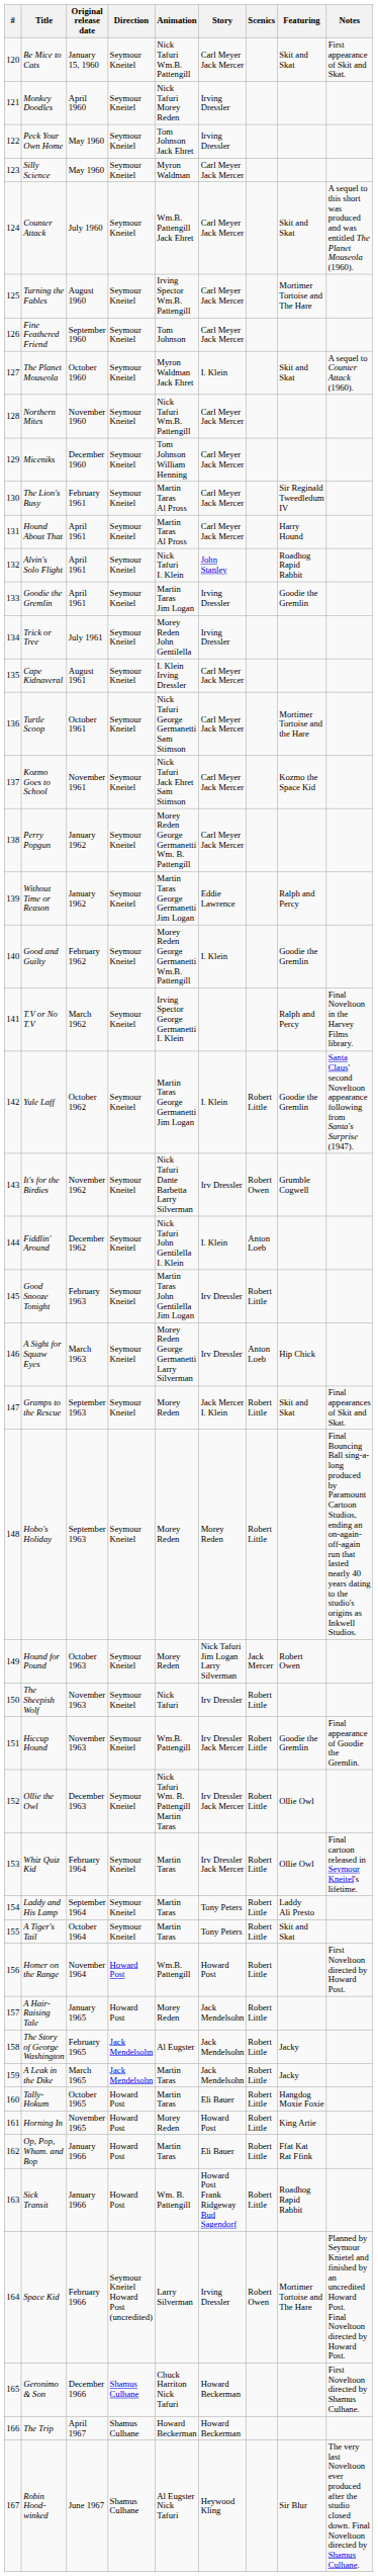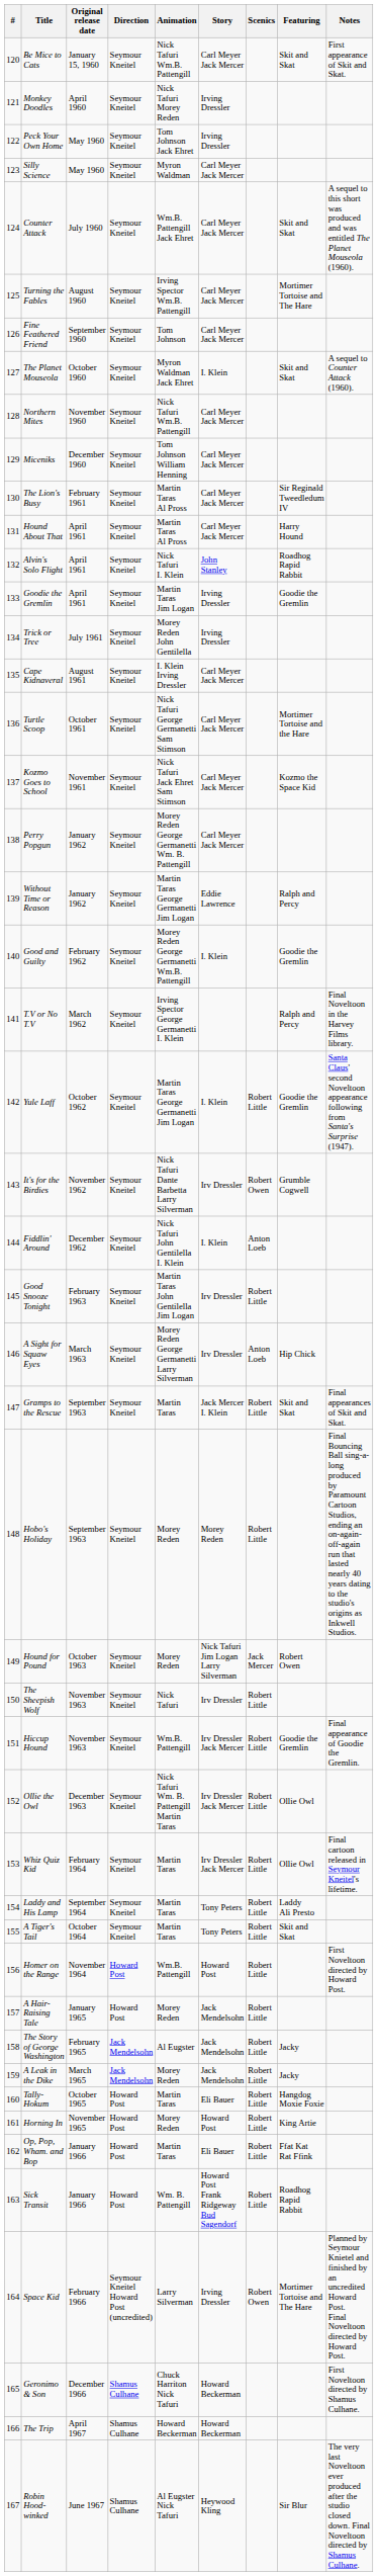 <table class="wikitable sortable">
 <tr>
 <th style="width:3em">#</th>
 <th style="width:15em">Title</th>
 <th style="width:12em">Original release date</th>
 <th style="width:12em">Direction</th>
 <th style="width:18em">Animation</th>
 <th style="width:12em">Story</th>
 <th style="width:12em">Scenics</th>
 <th style="width:12em">Featuring</th>
 <th style="width:12em">Notes</th>
 </tr>
 <tr>
 <td>120</td>
 <td><em>Be Mice to Cats</em></td>
 <td>January 15, 1960</td>
 <td>Seymour Kneitel</td>
 <td>Nick Tafuri<br>Wm.B. Pattengill</td>
 <td>Carl Meyer<br>Jack Mercer</td>
 <td></td>
 <td>Skit and Skat</td>
 <td>First appearance of Skit and Skat.</td>
 </tr>
 <tr>
 <td>121</td>
 <td><em>Monkey Doodles</em></td>
 <td>April 1960</td>
 <td>Seymour Kneitel</td>
 <td>Nick Tafuri<br>Morey Reden</td>
 <td>Irving Dressler</td>
 <td></td>
 <td></td>
 <td></td>
 </tr>
 <tr>
 <td>122</td>
 <td><em>Peck Your Own Home</em></td>
 <td>May 1960</td>
 <td>Seymour Kneitel</td>
 <td>Tom Johnson<br>Jack Ehret</td>
 <td>Irving Dressler</td>
 <td></td>
 <td></td>
 <td></td>
 </tr>
 <tr>
 <td>123</td>
 <td><em>Silly Science</em></td>
 <td>May 1960</td>
 <td>Seymour Kneitel</td>
 <td>Myron Waldman</td>
 <td>Carl Meyer<br>Jack Mercer</td>
 <td></td>
 <td></td>
 <td></td>
 </tr>
 <tr>
 <td>124</td>
 <td><em>Counter Attack</em></td>
 <td>July 1960</td>
 <td>Seymour Kneitel</td>
 <td>Wm.B. Pattengill<br>Jack Ehret</td>
 <td>Carl Meyer<br>Jack Mercer</td>
 <td></td>
 <td>Skit and Skat</td>
 <td>A sequel to this short was produced and was entitled <em>The Planet Mouseola</em> (1960).</td>
 </tr>
 <tr>
 <td>125</td>
 <td><em>Turning the Fables</em></td>
 <td>August 1960</td>
 <td>Seymour Kneitel</td>
 <td>Irving Spector<br>Wm.B. Pattengill</td>
 <td>Carl Meyer<br>Jack Mercer</td>
 <td></td>
 <td>Mortimer Tortoise and The Hare</td>
 <td></td>
 </tr>
 <tr>
 <td>126</td>
 <td><em>Fine Feathered Friend</em></td>
 <td>September 1960</td>
 <td>Seymour Kneitel</td>
 <td>Tom Johnson</td>
 <td>Carl Meyer<br>Jack Mercer</td>
 <td></td>
 <td></td>
 <td></td>
 </tr>
 <tr>
 <td>127</td>
 <td><em>The Planet Mouseola</em></td>
 <td>October 1960</td>
 <td>Seymour Kneitel</td>
 <td>Myron Waldman<br>Jack Ehret</td>
 <td>I. Klein</td>
 <td></td>
 <td>Skit and Skat</td>
 <td>A sequel to <em>Counter Attack</em> (1960).</td>
 </tr>
 <tr>
 <td>128</td>
 <td><em>Northern Mites</em></td>
 <td>November 1960</td>
 <td>Seymour Kneitel</td>
 <td>Nick Tafuri<br>Wm.B. Pattengill</td>
 <td>Carl Meyer<br>Jack Mercer</td>
 <td></td>
 <td></td>
 <td></td>
 </tr>
 <tr>
 <td>129</td>
 <td><em>Miceniks</em></td>
 <td>December 1960</td>
 <td>Seymour Kneitel</td>
 <td>Tom Johnson<br>William Henning</td>
 <td>Carl Meyer<br>Jack Mercer</td>
 <td></td>
 <td></td>
 <td></td>
 </tr>
 <tr>
 <td>130</td>
 <td><em>The Lion's Busy</em></td>
 <td>February 1961</td>
 <td>Seymour Kneitel</td>
 <td>Martin Taras<br>Al Pross</td>
 <td>Carl Meyer<br>Jack Mercer</td>
 <td></td>
 <td>Sir Reginald Tweedledum IV</td>
 <td></td>
 </tr>
 <tr>
 <td>131</td>
 <td><em>Hound About That</em></td>
 <td>April 1961</td>
 <td>Seymour Kneitel</td>
 <td>Martin Taras<br>Al Pross</td>
 <td>Carl Meyer<br>Jack Mercer</td>
 <td></td>
 <td>Harry Hound</td>
 <td></td>
 </tr>
 <tr>
 <td>132</td>
 <td><em>Alvin's Solo Flight</em></td>
 <td>April 1961</td>
 <td>Seymour Kneitel</td>
 <td>Nick Tafuri<br>I. Klein</td>
 <td><a href='#'>John Stanley</a></td>
 <td></td>
 <td>Roadhog<br>Rapid Rabbit</td>
 <td></td>
 </tr>
 <tr>
 <td>133</td>
 <td><em>Goodie the Gremlin</em></td>
 <td>April 1961</td>
 <td>Seymour Kneitel</td>
 <td>Martin Taras<br>Jim Logan</td>
 <td>Irving Dressler</td>
 <td></td>
 <td>Goodie the Gremlin</td>
 <td></td>
 </tr>
 <tr>
 <td>134</td>
 <td><em>Trick or Tree</em></td>
 <td>July 1961</td>
 <td>Seymour Kneitel</td>
 <td>Morey Reden<br>John Gentilella</td>
 <td>Irving Dressler</td>
 <td></td>
 <td></td>
 <td></td>
 </tr>
 <tr>
 <td>135</td>
 <td><em>Cape Kidnaveral</em></td>
 <td>August 1961</td>
 <td>Seymour Kneitel</td>
 <td>I. Klein<br>Irving Dressler</td>
 <td>Carl Meyer<br>Jack Mercer</td>
 <td></td>
 <td></td>
 <td></td>
 </tr>
 <tr>
 <td>136</td>
 <td><em>Turtle Scoop</em></td>
 <td>October 1961</td>
 <td>Seymour Kneitel</td>
 <td>Nick Tafuri<br>George Germanetti<br>Sam Stimson</td>
 <td>Carl Meyer<br>Jack Mercer</td>
 <td></td>
 <td>Mortimer Tortoise and the Hare</td>
 <td></td>
 </tr>
 <tr>
 <td>137</td>
 <td><em>Kozmo Goes to School</em></td>
 <td>November 1961</td>
 <td>Seymour Kneitel</td>
 <td>Nick Tafuri<br>Jack Ehret<br>Sam Stimson</td>
 <td>Carl Meyer<br>Jack Mercer</td>
 <td></td>
 <td>Kozmo the Space Kid</td>
 <td></td>
 </tr>
 <tr>
 <td>138</td>
 <td><em>Perry Popgun</em></td>
 <td>January 1962</td>
 <td>Seymour Kneitel</td>
 <td>Morey Reden<br>George Germanetti<br>Wm. B. Pattengill</td>
 <td>Carl Meyer<br>Jack Mercer</td>
 <td></td>
 <td></td>
 <td></td>
 </tr>
 <tr>
 <td>139</td>
 <td><em>Without Time or Reason</em></td>
 <td>January 1962</td>
 <td>Seymour Kneitel</td>
 <td>Martin Taras<br>George Germanetti<br>Jim Logan</td>
 <td>Eddie Lawrence</td>
 <td></td>
 <td>Ralph and Percy</td>
 <td></td>
 </tr>
 <tr>
 <td>140</td>
 <td><em>Good and Guilty</em></td>
 <td>February 1962</td>
 <td>Seymour Kneitel</td>
 <td>Morey Reden<br>George Germanetti<br>Wm.B. Pattengill</td>
 <td>I. Klein</td>
 <td></td>
 <td>Goodie the Gremlin</td>
 <td></td>
 </tr>
 <tr>
 <td>141</td>
 <td><em>T.V or No T.V</em></td>
 <td>March 1962</td>
 <td>Seymour Kneitel</td>
 <td>Irving Spector<br>George Germanetti<br>I. Klein</td>
 <td></td>
 <td></td>
 <td>Ralph and Percy</td>
 <td>Final Noveltoon in the Harvey Films library.</td>
 </tr>
 <tr>
 <td>142</td>
 <td><em>Yule Laff</em></td>
 <td>October 1962</td>
 <td>Seymour Kneitel</td>
 <td>Martin Taras<br>George Germanetti<br>Jim Logan</td>
 <td>I. Klein</td>
 <td>Robert Little</td>
 <td>Goodie the Gremlin</td>
 <td><a href='#'>Santa Claus</a>' second Noveltoon appearance following from <em>Santa's Surprise</em> (1947).</td>
 </tr>
 <tr>
 <td>143</td>
 <td><em>It's for the Birdies</em></td>
 <td>November 1962</td>
 <td>Seymour Kneitel</td>
 <td>Nick Tafuri<br>Dante Barbetta<br>Larry Silverman</td>
 <td>Irv Dressler</td>
 <td>Robert Owen</td>
 <td>Grumble Cogwell</td>
 <td></td>
 </tr>
 <tr>
 <td>144</td>
 <td><em>Fiddlin' Around</em></td>
 <td>December 1962</td>
 <td>Seymour Kneitel</td>
 <td>Nick Tafuri<br>John Gentilella<br>I. Klein</td>
 <td>I. Klein</td>
 <td>Anton Loeb</td>
 <td></td>
 <td></td>
 </tr>
 <tr>
 <td>145</td>
 <td><em>Good Snooze Tonight</em></td>
 <td>February 1963</td>
 <td>Seymour Kneitel</td>
 <td>Martin Taras<br>John Gentilella<br>Jim Logan</td>
 <td>Irv Dressler</td>
 <td>Robert Little</td>
 <td></td>
 <td></td>
 </tr>
 <tr>
 <td>146</td>
 <td><em>A Sight for Squaw Eyes</em></td>
 <td>March 1963</td>
 <td>Seymour Kneitel</td>
 <td>Morey Reden<br>George Germanetti<br>Larry Silverman</td>
 <td>Irv Dressler</td>
 <td>Anton Loeb</td>
 <td>Hip Chick</td>
 <td></td>
 </tr>
 <tr>
 <td>147</td>
 <td><em>Gramps to the Rescue</em></td>
 <td>September 1963</td>
 <td>Seymour Kneitel</td>
-<td>Morey Reden</td>
+<td>Martin Taras</td>
 <td>Jack Mercer<br>I. Klein</td>
 <td>Robert Little</td>
 <td>Skit and Skat</td>
 <td>Final appearances of Skit and Skat.</td>
 </tr>
 <tr>
 <td>148</td>
 <td><em>Hobo's Holiday</em></td>
 <td>September 1963</td>
 <td>Seymour Kneitel</td>
 <td>Morey Reden</td>
 <td>Morey Reden</td>
 <td>Robert Little</td>
 <td></td>
 <td>Final Bouncing Ball sing-a-long produced by Paramount Cartoon Studios, ending an on-again-off-again run that lasted nearly 40 years dating to the studio's origins as Inkwell Studios.</td>
 </tr>
 <tr>
 <td>149</td>
 <td><em>Hound for Pound</em></td>
 <td>October 1963</td>
 <td>Seymour Kneitel</td>
 <td>Morey Reden</td>
 <td>Nick Tafuri<br>Jim Logan<br>Larry Silverman</td>
 <td>Jack Mercer</td>
 <td>Robert Owen</td>
 <td></td>
 </tr>
 <tr>
 <td>150</td>
 <td><em>The Sheepish Wolf</em></td>
 <td>November 1963</td>
 <td>Seymour Kneitel</td>
 <td>Nick Tafuri</td>
 <td>Irv Dressler</td>
 <td>Robert Little</td>
 <td></td>
 <td></td>
 </tr>
 <tr>
 <td>151</td>
 <td><em>Hiccup Hound</em></td>
 <td>November 1963</td>
 <td>Seymour Kneitel</td>
 <td>Wm.B. Pattengill</td>
 <td>Irv Dressler<br>Jack Mercer</td>
 <td>Robert Little</td>
 <td>Goodie the Gremlin</td>
 <td>Final appearance of Goodie the Gremlin.</td>
 </tr>
 <tr>
 <td>152</td>
 <td><em>Ollie the Owl</em></td>
 <td>December 1963</td>
 <td>Seymour Kneitel</td>
 <td>Nick Tafuri<br>Wm. B. Pattengill<br>Martin Taras</td>
 <td>Irv Dressler<br>Jack Mercer</td>
 <td>Robert Little</td>
 <td>Ollie Owl</td>
 <td></td>
 </tr>
 <tr>
 <td>153</td>
 <td><em>Whiz Quiz Kid</em></td>
 <td>February 1964</td>
 <td>Seymour Kneitel</td>
 <td>Martin Taras</td>
 <td>Irv Dressler<br>Jack Mercer</td>
 <td>Robert Little</td>
 <td>Ollie Owl</td>
 <td>Final cartoon released in <a href='#'>Seymour Kneitel</a>'s lifetime.</td>
 </tr>
 <tr>
 <td>154</td>
 <td><em>Laddy and His Lamp</em></td>
 <td>September 1964</td>
 <td>Seymour Kneitel</td>
 <td>Martin Taras</td>
 <td>Tony Peters</td>
 <td>Robert Little</td>
 <td>Laddy<br>Ali Presto</td>
 <td></td>
 </tr>
 <tr>
 <td>155</td>
 <td><em>A Tiger's Tail</em></td>
 <td>October 1964</td>
 <td>Seymour Kneitel</td>
 <td>Martin Taras</td>
 <td>Tony Peters</td>
 <td>Robert Little</td>
 <td>Skit and Skat</td>
 <td></td>
 </tr>
 <tr>
 <td>156</td>
 <td><em>Homer on the Range</em></td>
 <td>November 1964</td>
 <td><a href='#'>Howard Post</a></td>
 <td>Wm.B. Pattengill</td>
 <td>Howard Post</td>
 <td>Robert Little</td>
 <td></td>
 <td>First Noveltoon directed by Howard Post.</td>
 </tr>
 <tr>
 <td>157</td>
 <td><em>A Hair-Raising Tale</em></td>
 <td>January 1965</td>
 <td>Howard Post</td>
 <td>Morey Reden</td>
 <td>Jack Mendelsohn</td>
 <td>Robert Little</td>
 <td></td>
 <td></td>
 </tr>
 <tr>
 <td>158</td>
 <td><em>The Story of George Washington</em></td>
 <td>February 1965</td>
 <td><a href='#'>Jack Mendelsohn</a></td>
 <td>Al Eugster</td>
 <td>Jack Mendelsohn</td>
 <td>Robert Little</td>
 <td>Jacky</td>
 <td></td>
 </tr>
 <tr>
 <td>159</td>
 <td><em>A Leak in the Dike</em></td>
 <td>March 1965</td>
 <td><a href='#'>Jack Mendelsohn</a></td>
-<td>Martin Taras</td>
+<td>Morey Reden</td>
 <td>Jack Mendelsohn</td>
 <td>Robert Little</td>
 <td>Jacky</td>
 <td></td>
 </tr>
 <tr>
 <td>160</td>
 <td><em>Tally-Hokum</em></td>
 <td>October 1965</td>
 <td>Howard Post</td>
 <td>Martin Taras</td>
 <td>Eli Bauer</td>
 <td>Robert Little</td>
 <td>Hangdog<br>Moxie Foxie</td>
 <td></td>
 </tr>
 <tr>
 <td>161</td>
 <td><em>Horning In</em></td>
 <td>November 1965</td>
 <td>Howard Post</td>
 <td>Morey Reden</td>
 <td>Howard Post</td>
 <td>Robert Little</td>
 <td>King Artie</td>
 <td></td>
 </tr>
 <tr>
 <td>162</td>
 <td><em>Op, Pop, Wham. and Bop</em></td>
 <td>January 1966</td>
 <td>Howard Post</td>
 <td>Martin Taras</td>
 <td>Eli Bauer</td>
 <td>Robert Little</td>
 <td>Ffat Kat<br>Rat Ffink</td>
 <td></td>
 </tr>
 <tr>
 <td>163</td>
 <td><em>Sick Transit</em></td>
 <td>January 1966</td>
 <td>Howard Post</td>
 <td>Wm. B. Pattengill</td>
 <td>Howard Post<br>Frank Ridgeway<br><a href='#'>Bud Sagendorf</a></td>
 <td>Robert Little</td>
 <td>Roadhog<br>Rapid Rabbit</td>
 <td></td>
 </tr>
 <tr>
 <td>164</td>
 <td><em>Space Kid</em></td>
 <td>February 1966</td>
 <td>Seymour Kneitel<br>Howard Post (uncredited)</td>
 <td>Larry Silverman</td>
 <td>Irving Dressler</td>
 <td>Robert Owen</td>
 <td>Mortimer Tortoise and The Hare</td>
 <td>Planned by Seymour Knietel and finished by an uncredited Howard Post.<br>Final Noveltoon directed by Howard Post.</td>
 </tr>
 <tr>
 <td>165</td>
 <td><em>Geronimo & Son</em></td>
 <td>December 1966</td>
 <td><a href='#'>Shamus Culhane</a></td>
 <td>Chuck Harriton<br>Nick Tafuri</td>
 <td>Howard Beckerman</td>
 <td></td>
 <td></td>
 <td>First Noveltoon directed by Shamus Culhane.</td>
 </tr>
 <tr>
 <td>166</td>
 <td><em>The Trip</em></td>
 <td>April 1967</td>
 <td>Shamus Culhane</td>
 <td>Howard Beckerman</td>
 <td>Howard Beckerman</td>
 <td></td>
 <td></td>
 <td></td>
 </tr>
 <tr>
 <td>167</td>
 <td><em>Robin Hood-winked</em></td>
 <td>June 1967</td>
 <td>Shamus Culhane</td>
 <td>Al Eugster<br>Nick Tafuri</td>
 <td>Heywood Kling</td>
 <td></td>
 <td>Sir Blur</td>
 <td>The very last Noveltoon ever produced after the studio closed down. Final Noveltoon directed by <a href='#'>Shamus Culhane</a>.</td>
 </tr>
 </table>
